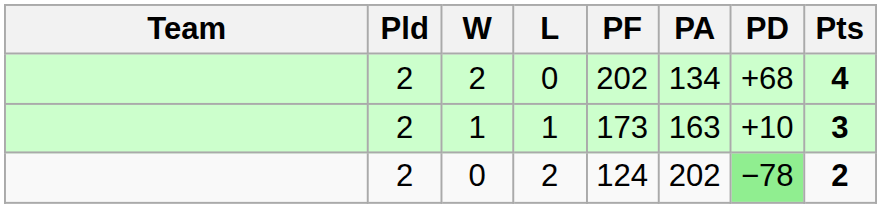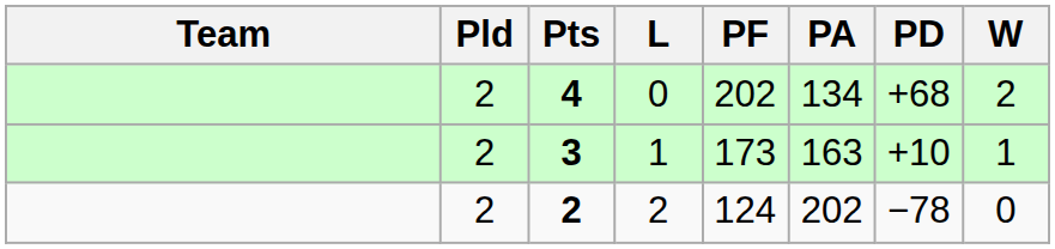 <table class=wikitable style="text-align:center">
 <tr>
 <th width=180>Team</th>
 <th width=30>Pld</th>
-<th width=30>W</th>
+<th width=30>Pts</th>
 <th width=30>L</th>
 <th width=30>PF</th>
 <th width=30>PA</th>
 <th width=30>PD</th>
-<th width=30>Pts</th>
+<th width=30>W</th>
 </tr>
 <tr align=center bgcolor="#ccffcc">
 <td align=left></td>
 <td>2</td>
-<td>2</td>
+<td><strong>4</strong></td>
 <td>0</td>
 <td>202</td>
 <td>134</td>
 <td>+68</td>
-<td><strong>4</strong></td>
+<td>2</td>
 </tr>
 <tr align=center bgcolor="#ccffcc">
 <td align=left></td>
 <td>2</td>
-<td>1</td>
+<td><strong>3</strong></td>
 <td>1</td>
 <td>173</td>
 <td>163</td>
 <td>+10</td>
-<td><strong>3</strong></td>
+<td>1</td>
 </tr>
 <tr align=center>
 <td align=left></td>
 <td>2</td>
-<td>0</td>
+<td><strong>2</strong></td>
 <td>2</td>
 <td>124</td>
 <td>202</td>
-<td style="background: lightgreen;">−78</td>
-<td><strong>2</strong></td>
+<td>−78</td>
+<td>0</td>
 </tr>
 </table>
